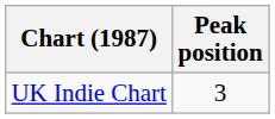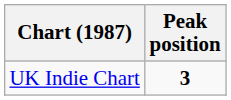 <table class="wikitable sortable">
 <tr>
 <th scope="col">Chart (1987)</th>
 <th scope="col">Peak<br>position</th>
 </tr>
 <tr>
 <td><a href='#'>UK Indie Chart</a></td>
-<td style="text-align:center;">3</td>
+<td style="text-align:center;"><strong>3</strong></td>
 </tr>
 </table>
